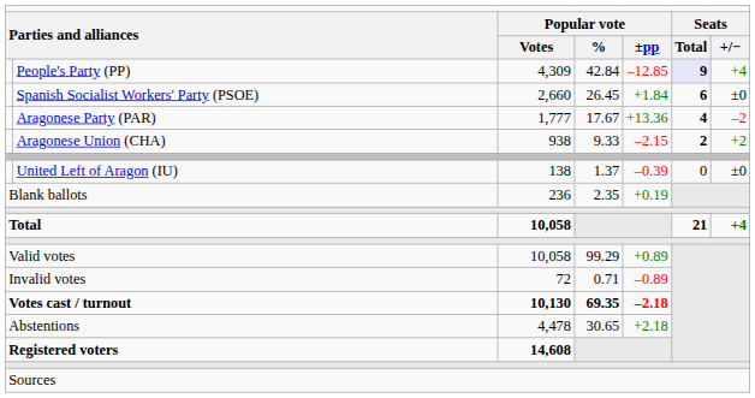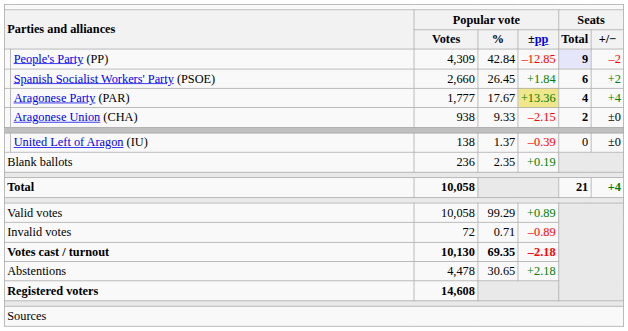 <table class="wikitable" style="text-align:right;">
 <tr>
 <td colspan="7"></td>
 </tr>
 <tr>
 <th style="text-align:left;" rowspan="2" colspan="2" width="525">Parties and alliances</th>
 <th colspan="3">Popular vote</th>
 <th colspan="2">Seats</th>
 </tr>
 <tr>
 <th width="75">Votes</th>
 <th width="45">%</th>
 <th width="45">±<a href='#'>pp</a></th>
 <th width="35">Total</th>
 <th width="35">+/−</th>
 </tr>
 <tr>
 <td width="1" style="color:inherit;background:"></td>
 <td align="left"><a href='#'>People's Party</a> (PP)</td>
 <td>4,309</td>
 <td>42.84</td>
 <td style="color:red;">–12.85</td>
 <td style="background: lavender;"><strong>9</strong></td>
-<td style="color:green;">+4</td>
+<td style="color:red;">–2</td>
 </tr>
 <tr>
 <td style="color:inherit;background:"></td>
 <td align="left"><a href='#'>Spanish Socialist Workers' Party</a> (PSOE)</td>
 <td>2,660</td>
 <td>26.45</td>
 <td style="color:green;">+1.84</td>
 <td><strong>6</strong></td>
-<td>±0</td>
+<td style="color:green;">+2</td>
 </tr>
 <tr>
 <td style="color:inherit;background:"></td>
 <td align="left"><a href='#'>Aragonese Party</a> (PAR)</td>
 <td>1,777</td>
 <td>17.67</td>
-<td style="color:green;">+13.36</td>
+<td style="background: khaki; color:green;">+13.36</td>
 <td><strong>4</strong></td>
-<td style="color:red;">–2</td>
+<td style="color:green;">+4</td>
 </tr>
 <tr>
 <td style="color:inherit;background:"></td>
 <td align="left"><a href='#'>Aragonese Union</a> (CHA)</td>
 <td>938</td>
 <td>9.33</td>
 <td style="color:red;">–2.15</td>
 <td><strong>2</strong></td>
-<td style="color:green;">+2</td>
+<td>±0</td>
 </tr>
 <tr>
 <td colspan="7" bgcolor="#C0C0C0"></td>
 </tr>
 <tr>
 <td style="color:inherit;background:"></td>
 <td align="left"><a href='#'>United Left of Aragon</a> (IU)</td>
 <td>138</td>
 <td>1.37</td>
 <td style="color:red;">–0.39</td>
 <td>0</td>
 <td>±0</td>
 </tr>
 <tr>
 <td align="left" colspan="2">Blank ballots</td>
 <td>236</td>
 <td>2.35</td>
 <td style="color:green;">+0.19</td>
 <td bgcolor="#E9E9E9" colspan="2"></td>
 </tr>
 <tr>
 <td colspan="7" bgcolor="#E9E9E9"></td>
 </tr>
 <tr style="font-weight:bold;">
 <td align="left" colspan="2">Total</td>
 <td>10,058</td>
 <td bgcolor="#E9E9E9" colspan="2"></td>
 <td>21</td>
 <td style="color:green;">+4</td>
 </tr>
 <tr>
 <td colspan="7" bgcolor="#E9E9E9"></td>
 </tr>
 <tr>
 <td align="left" colspan="2">Valid votes</td>
 <td>10,058</td>
 <td>99.29</td>
 <td style="color:green;">+0.89</td>
 <td bgcolor="#E9E9E9" colspan="2" rowspan="5"></td>
 </tr>
 <tr>
 <td align="left" colspan="2">Invalid votes</td>
 <td>72</td>
 <td>0.71</td>
 <td style="color:red;">–0.89</td>
 </tr>
 <tr style="font-weight:bold;">
 <td align="left" colspan="2">Votes cast / turnout</td>
 <td>10,130</td>
 <td>69.35</td>
 <td style="color:red;">–2.18</td>
 </tr>
 <tr>
 <td align="left" colspan="2">Abstentions</td>
 <td>4,478</td>
 <td>30.65</td>
 <td style="color:green;">+2.18</td>
 </tr>
 <tr style="font-weight:bold;">
 <td align="left" colspan="2">Registered voters</td>
 <td>14,608</td>
 <td bgcolor="#E9E9E9" colspan="2"></td>
 </tr>
 <tr>
 <td colspan="7" bgcolor="#E9E9E9"></td>
 </tr>
 <tr>
 <td align="left" colspan="7">Sources</td>
 </tr>
 </table>
